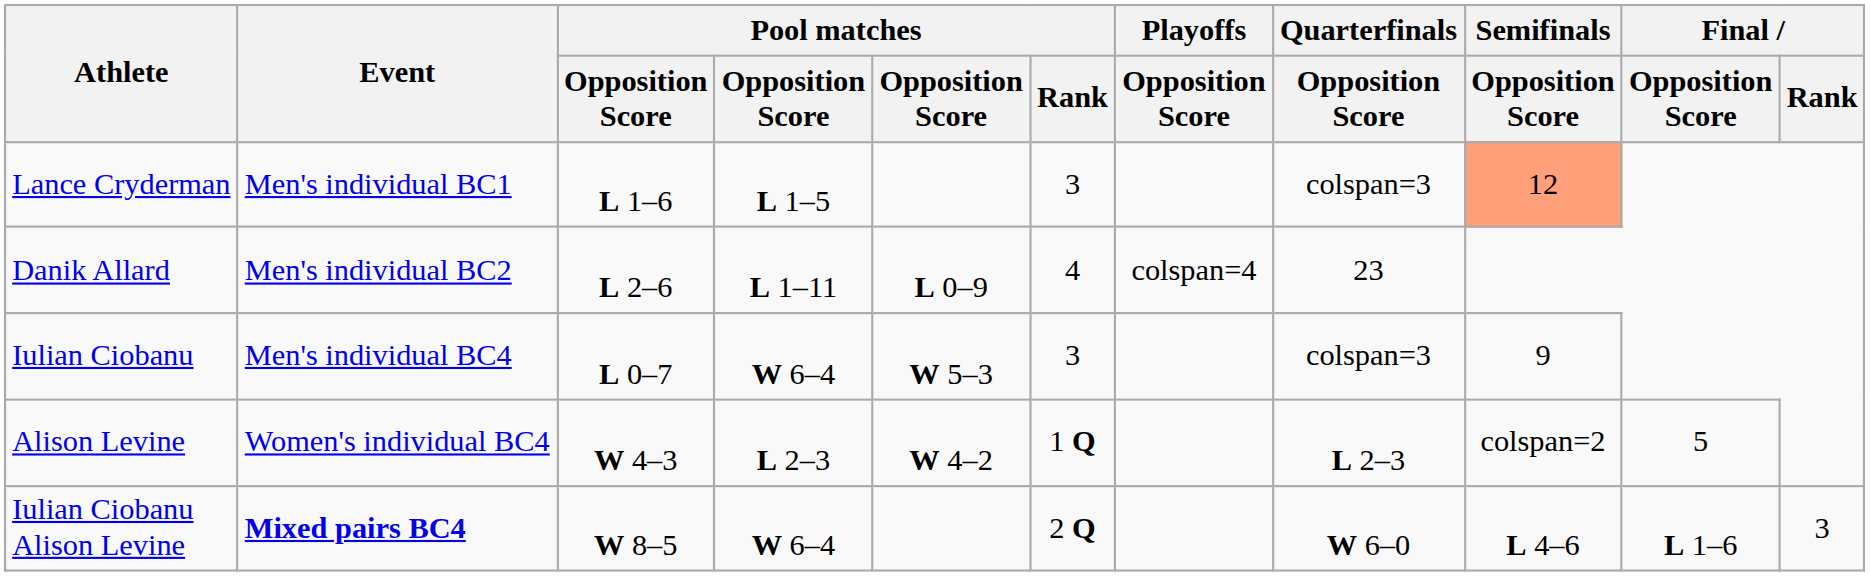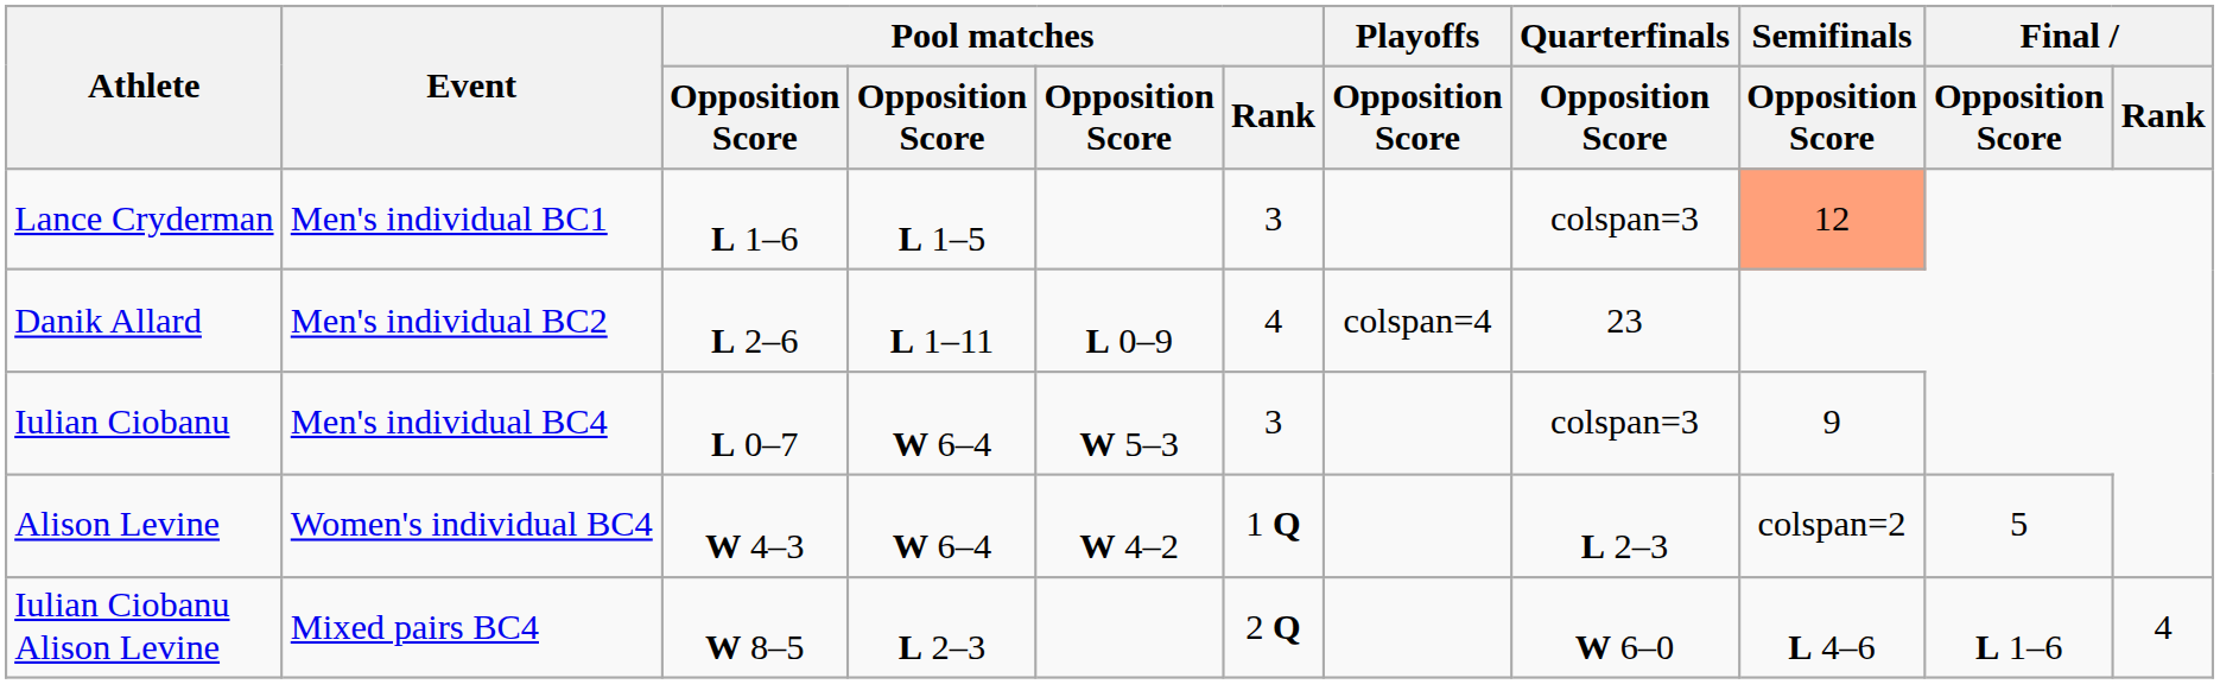 <table class=wikitable style="font-size:90%">
 <tr>
 <th rowspan="2">Athlete</th>
 <th rowspan="2">Event</th>
 <th colspan="4">Pool matches</th>
 <th>Playoffs</th>
 <th>Quarterfinals</th>
 <th>Semifinals</th>
 <th colspan=2>Final / </th>
 </tr>
 <tr>
 <th>Opposition<br>Score</th>
 <th>Opposition<br>Score</th>
 <th>Opposition<br>Score</th>
 <th>Rank</th>
 <th>Opposition<br>Score</th>
 <th>Opposition<br>Score</th>
 <th>Opposition<br>Score</th>
 <th>Opposition<br>Score</th>
 <th>Rank</th>
 </tr>
 <tr align=center>
 <td align=left><a href='#'>Lance Cryderman</a></td>
 <td align=left><a href='#'>Men's individual BC1</a></td>
 <td><br><strong>L</strong> 1–6</td>
 <td><br><strong>L</strong> 1–5</td>
 <td></td>
 <td>3</td>
 <td></td>
 <td>colspan=3 </td>
 <td style="background: lightsalmon;">12</td>
 </tr>
 <tr align=center>
 <td align=left><a href='#'>Danik Allard</a></td>
 <td align=left><a href='#'>Men's individual BC2</a></td>
 <td><br><strong>L</strong> 2–6</td>
 <td><br><strong>L</strong> 1–11</td>
 <td><br><strong>L</strong> 0–9</td>
 <td>4</td>
 <td>colspan=4 </td>
 <td>23</td>
 </tr>
 <tr align=center>
 <td align=left><a href='#'>Iulian Ciobanu</a></td>
 <td align=left><a href='#'>Men's individual BC4</a></td>
 <td><br><strong>L</strong> 0–7</td>
 <td><br><strong>W</strong> 6–4</td>
 <td><br><strong>W</strong> 5–3</td>
 <td>3</td>
 <td></td>
 <td>colspan=3 </td>
 <td>9</td>
 </tr>
 <tr align=center>
 <td align=left><a href='#'>Alison Levine</a></td>
 <td align=left><a href='#'>Women's individual BC4</a></td>
 <td><br><strong>W</strong> 4–3</td>
-<td><br><strong>L</strong> 2–3</td>
+<td><br><strong>W</strong> 6–4</td>
 <td><br><strong>W</strong> 4–2</td>
 <td>1 <strong>Q</strong></td>
 <td></td>
 <td><br><strong>L</strong> 2–3</td>
 <td>colspan=2 </td>
 <td>5</td>
 </tr>
 <tr align=center>
 <td align=left><a href='#'>Iulian Ciobanu</a><br><a href='#'>Alison Levine</a></td>
-<td align=left><strong><a href='#'>Mixed pairs BC4</a></strong></td>
+<td align=left><a href='#'>Mixed pairs BC4</a></td>
 <td><br><strong>W</strong> 8–5</td>
-<td><br><strong>W</strong> 6–4</td>
+<td><br><strong>L</strong> 2–3</td>
 <td></td>
 <td>2 <strong>Q</strong></td>
 <td></td>
 <td><br><strong>W</strong> 6–0</td>
 <td><br><strong>L</strong> 4–6</td>
 <td><br><strong>L</strong> 1–6</td>
-<td>3</td>
+<td>4</td>
 </tr>
 </table>
